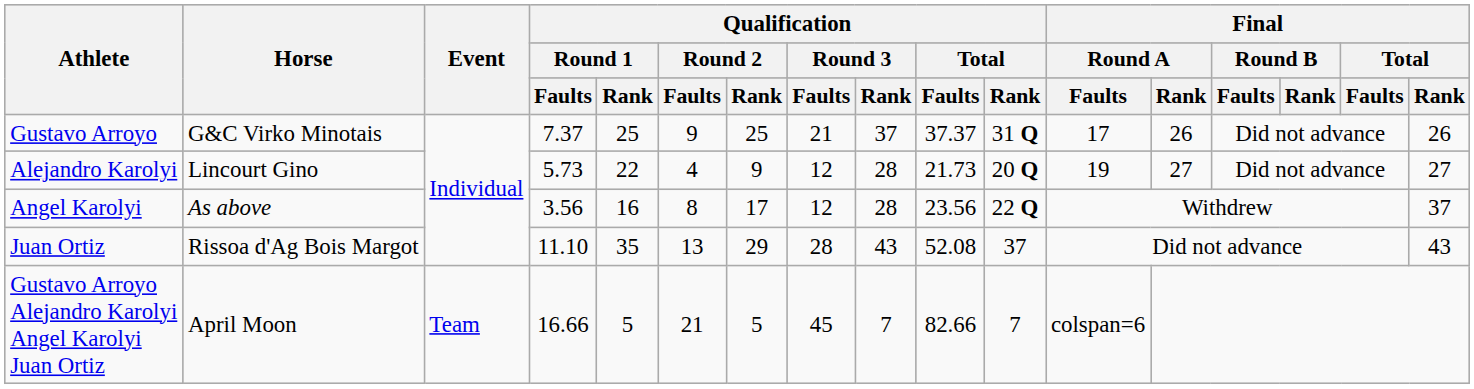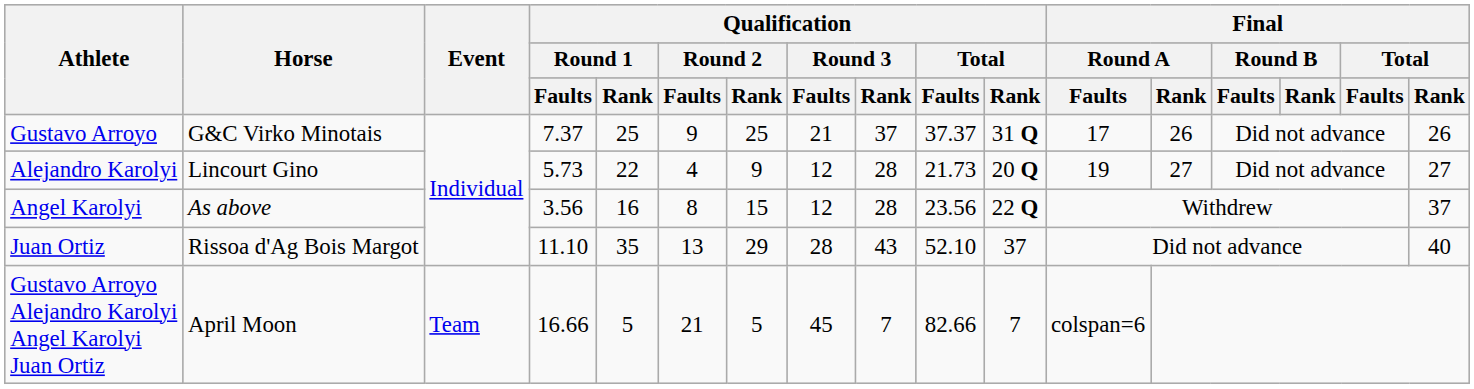 <table class=wikitable style=font-size:90%;text-align:center>
 <tr>
 <th rowspan=3>Athlete</th>
 <th rowspan=3>Horse</th>
 <th rowspan=3>Event</th>
 <th colspan=8>Qualification</th>
 <th colspan=6>Final</th>
 </tr>
 <tr style=font-size:95%>
 <th colspan=2>Round 1</th>
 <th colspan=2>Round 2</th>
 <th colspan=2>Round 3</th>
 <th colspan=2>Total</th>
 <th colspan=2>Round A</th>
 <th colspan=2>Round B</th>
 <th colspan=2>Total</th>
 </tr>
 <tr style=font-size:95%>
 <th>Faults</th>
 <th>Rank</th>
 <th>Faults</th>
 <th>Rank</th>
 <th>Faults</th>
 <th>Rank</th>
 <th>Faults</th>
 <th>Rank</th>
 <th>Faults</th>
 <th>Rank</th>
 <th>Faults</th>
 <th>Rank</th>
 <th>Faults</th>
 <th>Rank</th>
 </tr>
 <tr>
 <td align=left><a href='#'>Gustavo Arroyo</a></td>
 <td align=left>G&C Virko Minotais</td>
 <td align=left rowspan=4><a href='#'>Individual</a></td>
 <td>7.37</td>
 <td>25</td>
 <td>9</td>
 <td>25</td>
 <td>21</td>
 <td>37</td>
 <td>37.37</td>
 <td>31 <strong>Q</strong></td>
 <td>17</td>
 <td>26</td>
 <td colspan=3>Did not advance</td>
 <td>26</td>
 </tr>
 <tr>
 <td align=left><a href='#'>Alejandro Karolyi</a></td>
 <td align=left>Lincourt Gino</td>
 <td>5.73</td>
 <td>22</td>
 <td>4</td>
 <td>9</td>
 <td>12</td>
 <td>28</td>
 <td>21.73</td>
 <td>20 <strong>Q</strong></td>
 <td>19</td>
 <td>27</td>
 <td colspan=3>Did not advance</td>
 <td>27</td>
 </tr>
 <tr>
 <td align=left><a href='#'>Angel Karolyi</a></td>
 <td align=left><em>As above</em></td>
 <td>3.56</td>
 <td>16</td>
 <td>8</td>
-<td>17</td>
+<td>15</td>
 <td>12</td>
 <td>28</td>
 <td>23.56</td>
 <td>22 <strong>Q</strong></td>
 <td colspan=5>Withdrew</td>
 <td>37</td>
 </tr>
 <tr>
 <td align=left><a href='#'>Juan Ortiz</a></td>
 <td align=left>Rissoa d'Ag Bois Margot</td>
 <td>11.10</td>
 <td>35</td>
 <td>13</td>
 <td>29</td>
 <td>28</td>
 <td>43</td>
-<td>52.08</td>
+<td>52.10</td>
 <td>37</td>
 <td colspan=5>Did not advance</td>
-<td>43</td>
+<td>40</td>
 </tr>
 <tr>
 <td align=left><a href='#'>Gustavo Arroyo</a><br><a href='#'>Alejandro Karolyi</a><br><a href='#'>Angel Karolyi</a><br><a href='#'>Juan Ortiz</a></td>
 <td align=left>April Moon</td>
 <td align=left><a href='#'>Team</a></td>
 <td>16.66</td>
 <td>5</td>
 <td>21</td>
 <td>5</td>
 <td>45</td>
 <td>7</td>
 <td>82.66</td>
 <td>7</td>
 <td>colspan=6 </td>
 </tr>
 </table>
